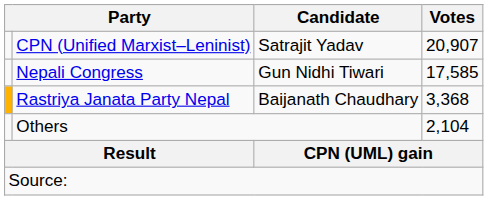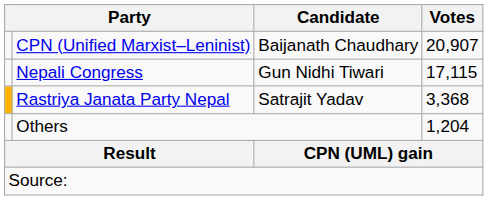 <table class="wikitable">
 <tr>
 <th colspan="2">Party</th>
 <th>Candidate</th>
 <th>Votes</th>
 </tr>
 <tr>
 <td style="background-color:"></td>
 <td><a href='#'>CPN (Unified Marxist–Leninist)</a></td>
-<td>Satrajit Yadav</td>
+<td>Baijanath Chaudhary</td>
 <td>20,907</td>
 </tr>
 <tr>
 <td style="background-color:"></td>
 <td><a href='#'>Nepali Congress</a></td>
 <td>Gun Nidhi Tiwari</td>
-<td>17,585</td>
+<td>17,115</td>
 </tr>
 <tr>
 <td style="background-color:#FFb300"></td>
 <td><a href='#'>Rastriya Janata Party Nepal</a></td>
-<td>Baijanath Chaudhary</td>
+<td>Satrajit Yadav</td>
 <td>3,368</td>
 </tr>
 <tr>
 <td></td>
 <td colspan="2">Others</td>
-<td>2,104</td>
+<td>1,204</td>
 </tr>
 <tr>
 <th colspan="2">Result</th>
 <th colspan="2">CPN (UML) gain</th>
 </tr>
 <tr>
 <td colspan="4">Source: </td>
 </tr>
 </table>
